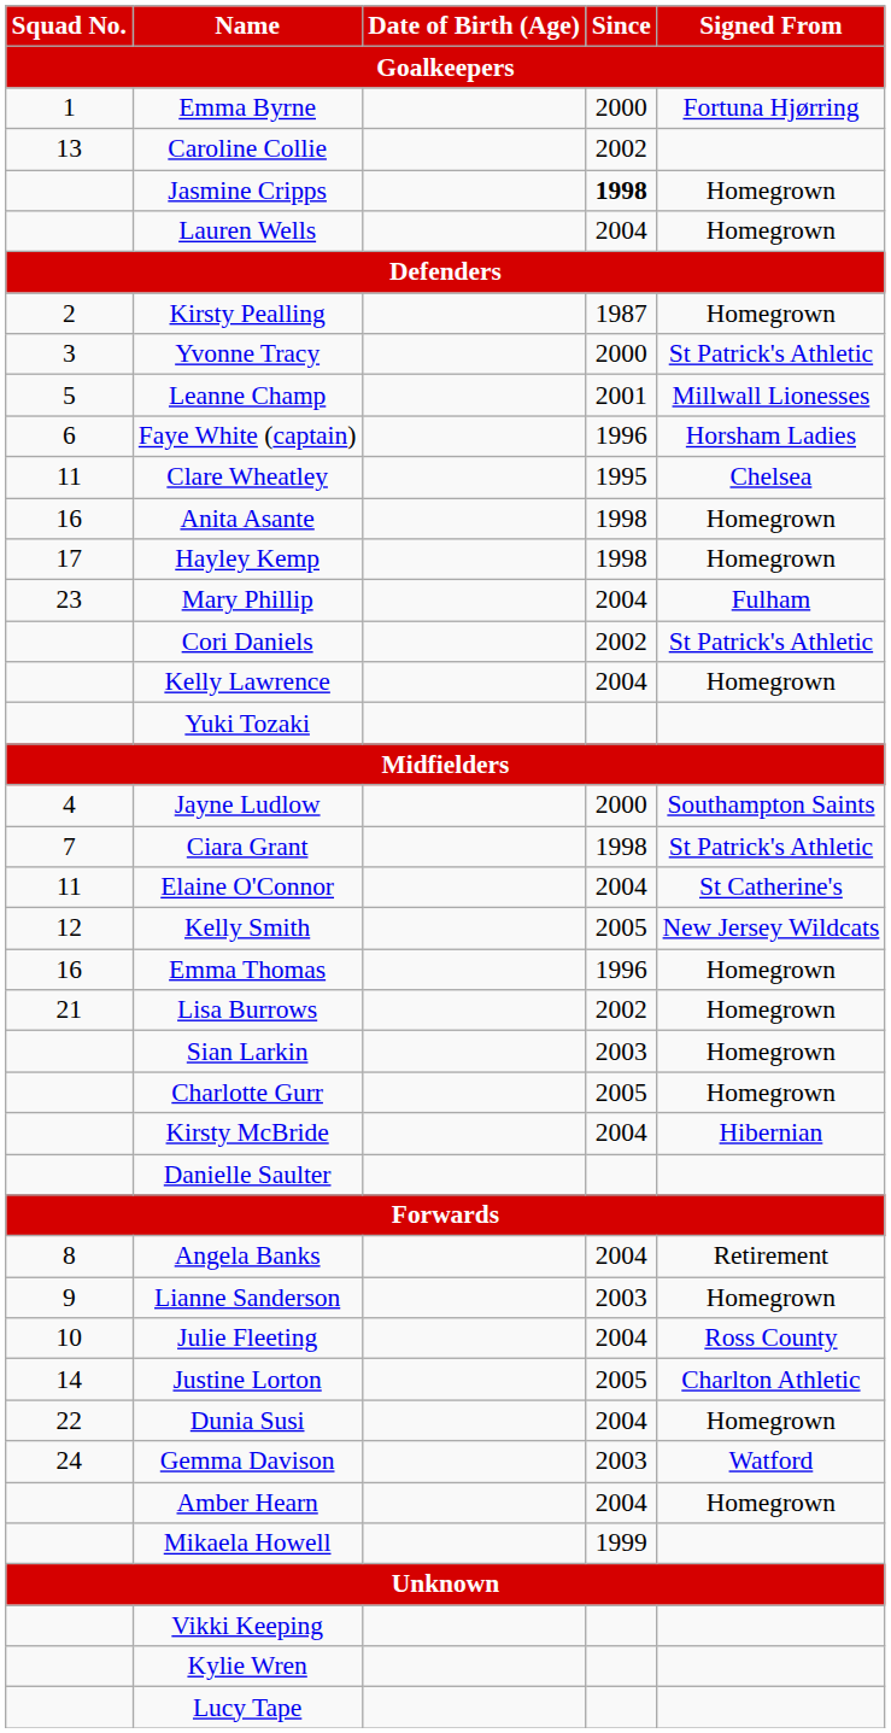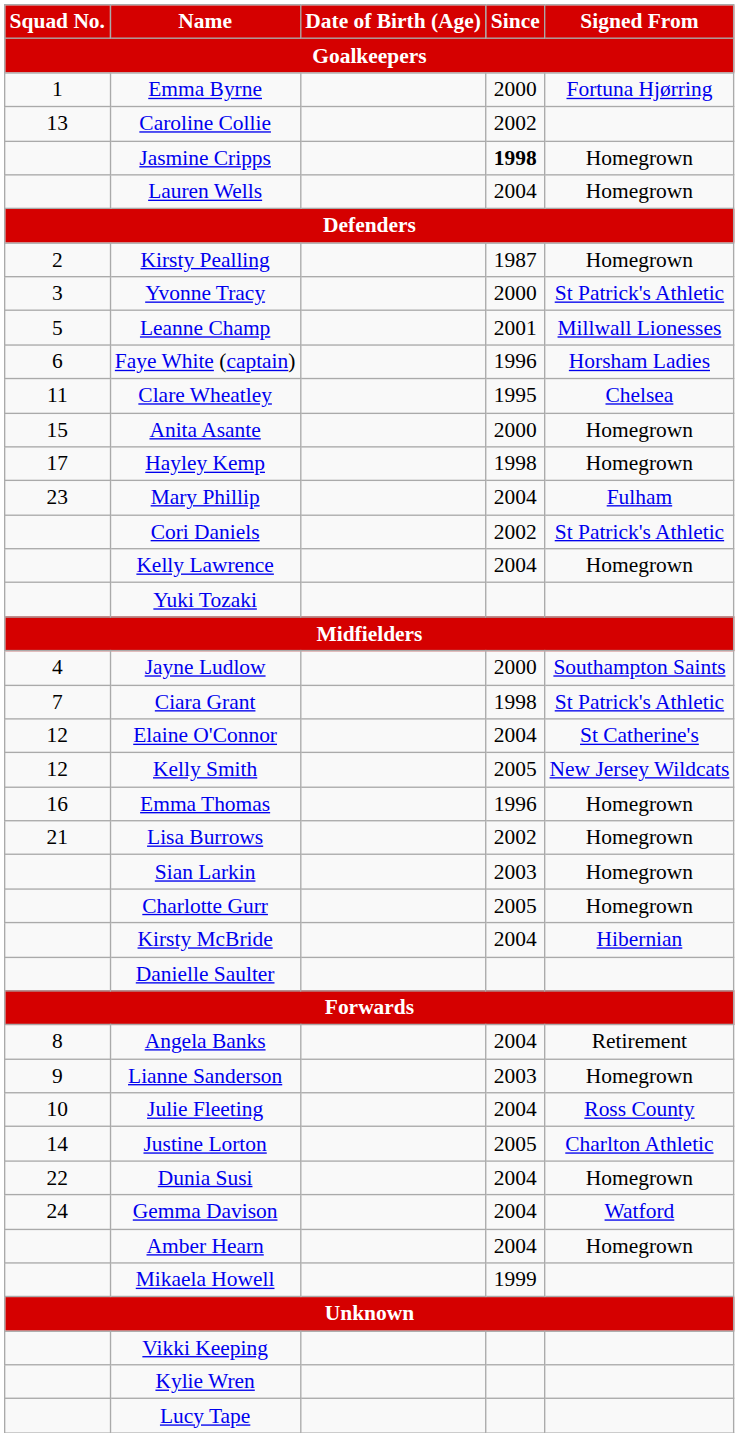 <table class="wikitable" style="text-align:center; font-size:100%; ">
 <tr>
 <th style="background:#d50000; color:white; text-align:center;">Squad No.</th>
 <th style="background:#d50000; color:white; text-align:center;">Name</th>
 <th style="background:#d50000; color:white; text-align:center;">Date of Birth (Age)</th>
 <th style="background:#d50000; color:white; text-align:center;">Since</th>
 <th style="background:#d50000; color:white; text-align:center;">Signed From</th>
 </tr>
 <tr>
 <th colspan="5" style="background:#d50000; color:white; text-align:center">Goalkeepers</th>
 </tr>
 <tr>
 <td>1</td>
 <td> <a href='#'>Emma Byrne</a></td>
 <td></td>
 <td>2000</td>
 <td> <a href='#'>Fortuna Hjørring</a></td>
 </tr>
 <tr>
 <td>13</td>
 <td><a href='#'>Caroline Collie</a></td>
 <td></td>
 <td>2002</td>
 <td></td>
 </tr>
 <tr>
 <td></td>
 <td> <a href='#'>Jasmine Cripps</a></td>
 <td></td>
 <td><strong>1998</strong></td>
 <td>Homegrown</td>
 </tr>
 <tr>
 <td></td>
 <td> <a href='#'>Lauren Wells</a></td>
 <td></td>
 <td>2004</td>
 <td>Homegrown</td>
 </tr>
 <tr>
 <th colspan="5" style="background:#d50000; color:white; text-align:center">Defenders</th>
 </tr>
 <tr>
 <td>2</td>
 <td> <a href='#'>Kirsty Pealling</a></td>
 <td></td>
 <td>1987</td>
 <td>Homegrown</td>
 </tr>
 <tr>
 <td>3</td>
 <td> <a href='#'>Yvonne Tracy</a></td>
 <td></td>
 <td>2000</td>
 <td> <a href='#'>St Patrick's Athletic</a></td>
 </tr>
 <tr>
 <td>5</td>
 <td> <a href='#'>Leanne Champ</a></td>
 <td></td>
 <td>2001</td>
 <td> <a href='#'>Millwall Lionesses</a></td>
 </tr>
 <tr>
 <td>6</td>
 <td> <a href='#'>Faye White</a> (<a href='#'>captain</a>)</td>
 <td></td>
 <td>1996</td>
 <td> <a href='#'>Horsham Ladies</a></td>
 </tr>
 <tr>
 <td>11</td>
 <td> <a href='#'>Clare Wheatley</a></td>
 <td></td>
 <td>1995</td>
 <td> <a href='#'>Chelsea</a></td>
 </tr>
 <tr>
-<td>16</td>
+<td>15</td>
 <td> <a href='#'>Anita Asante</a></td>
 <td></td>
-<td>1998</td>
+<td>2000</td>
 <td>Homegrown</td>
 </tr>
 <tr>
 <td>17</td>
 <td> <a href='#'>Hayley Kemp</a></td>
 <td></td>
 <td>1998</td>
 <td>Homegrown</td>
 </tr>
 <tr>
 <td>23</td>
 <td> <a href='#'>Mary Phillip</a></td>
 <td></td>
 <td>2004</td>
 <td> <a href='#'>Fulham</a></td>
 </tr>
 <tr>
 <td></td>
 <td> <a href='#'>Cori Daniels</a></td>
 <td></td>
 <td>2002</td>
 <td> <a href='#'>St Patrick's Athletic</a></td>
 </tr>
 <tr>
 <td></td>
 <td><a href='#'>Kelly Lawrence</a></td>
 <td></td>
 <td>2004</td>
 <td>Homegrown</td>
 </tr>
 <tr>
 <td></td>
 <td><a href='#'>Yuki Tozaki</a></td>
 <td></td>
 <td></td>
 <td></td>
 </tr>
 <tr>
 <th colspan="5" style="background:#d50000; color:white; text-align:center">Midfielders</th>
 </tr>
 <tr>
 <td>4</td>
 <td> <a href='#'>Jayne Ludlow</a></td>
 <td></td>
 <td>2000</td>
 <td><em></em> <a href='#'>Southampton Saints</a></td>
 </tr>
 <tr>
 <td>7</td>
 <td> <a href='#'>Ciara Grant</a></td>
 <td></td>
 <td>1998</td>
 <td> <a href='#'>St Patrick's Athletic</a></td>
 </tr>
 <tr>
-<td>11</td>
+<td>12</td>
 <td> <a href='#'>Elaine O'Connor</a></td>
 <td></td>
 <td>2004</td>
 <td> <a href='#'>St Catherine's</a></td>
 </tr>
 <tr>
 <td>12</td>
 <td> <a href='#'>Kelly Smith</a></td>
 <td></td>
 <td>2005</td>
 <td> <a href='#'>New Jersey Wildcats</a></td>
 </tr>
 <tr>
 <td>16</td>
 <td> <a href='#'>Emma Thomas</a></td>
 <td></td>
 <td>1996</td>
 <td>Homegrown</td>
 </tr>
 <tr>
 <td>21</td>
 <td> <a href='#'>Lisa Burrows</a></td>
 <td></td>
 <td>2002</td>
 <td>Homegrown</td>
 </tr>
 <tr>
 <td></td>
 <td> <a href='#'>Sian Larkin</a></td>
 <td></td>
 <td>2003</td>
 <td>Homegrown</td>
 </tr>
 <tr>
 <td></td>
 <td> <a href='#'>Charlotte Gurr</a></td>
 <td></td>
 <td>2005</td>
 <td>Homegrown</td>
 </tr>
 <tr>
 <td></td>
 <td> <a href='#'>Kirsty McBride</a></td>
 <td></td>
 <td>2004</td>
 <td> <a href='#'>Hibernian</a></td>
 </tr>
 <tr>
 <td></td>
 <td><a href='#'>Danielle Saulter</a></td>
 <td></td>
 <td></td>
 <td></td>
 </tr>
 <tr>
 <th colspan="5" style="background:#d50000; color:white; text-align:center">Forwards</th>
 </tr>
 <tr>
 <td>8</td>
 <td> <a href='#'>Angela Banks</a></td>
 <td></td>
 <td>2004</td>
 <td>Retirement</td>
 </tr>
 <tr>
 <td>9</td>
 <td> <a href='#'>Lianne Sanderson</a></td>
 <td></td>
 <td>2003</td>
 <td>Homegrown</td>
 </tr>
 <tr>
 <td>10</td>
 <td> <a href='#'>Julie Fleeting</a></td>
 <td></td>
 <td>2004</td>
 <td> <a href='#'>Ross County</a></td>
 </tr>
 <tr>
 <td>14</td>
 <td> <a href='#'>Justine Lorton</a></td>
 <td></td>
 <td>2005</td>
 <td> <a href='#'>Charlton Athletic</a></td>
 </tr>
 <tr>
 <td>22</td>
 <td> <a href='#'>Dunia Susi</a></td>
 <td></td>
 <td>2004</td>
 <td>Homegrown</td>
 </tr>
 <tr>
 <td>24</td>
 <td> <a href='#'>Gemma Davison</a></td>
 <td></td>
-<td>2003</td>
+<td>2004</td>
 <td> <a href='#'>Watford</a></td>
 </tr>
 <tr>
 <td></td>
 <td> <a href='#'>Amber Hearn</a></td>
 <td></td>
 <td>2004</td>
 <td>Homegrown</td>
 </tr>
 <tr>
 <td></td>
 <td> <a href='#'>Mikaela Howell</a></td>
 <td></td>
 <td>1999</td>
 <td></td>
 </tr>
 <tr>
 <th colspan="5" style="background:#d50000; color:white; text-align:center">Unknown</th>
 </tr>
 <tr>
 <td></td>
 <td><a href='#'>Vikki Keeping</a></td>
 <td></td>
 <td></td>
 <td></td>
 </tr>
 <tr>
 <td></td>
 <td><a href='#'>Kylie Wren</a></td>
 <td></td>
 <td></td>
 <td></td>
 </tr>
 <tr>
 <td></td>
 <td><a href='#'>Lucy Tape</a></td>
 <td></td>
 <td></td>
 <td></td>
 </tr>
 </table>
